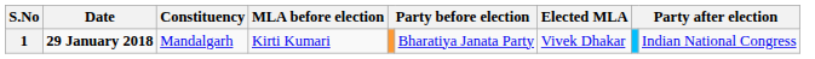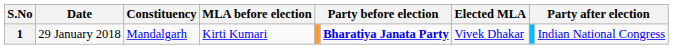 <table class="wikitable sortable">
 <tr>
 <th>S.No</th>
 <th>Date</th>
 <th>Constituency</th>
 <th>MLA before election</th>
 <th colspan="2">Party before election</th>
 <th>Elected MLA</th>
 <th colspan="2">Party after election</th>
 </tr>
 <tr>
 <th>1</th>
-<td><strong>29 January 2018</strong></td>
+<td>29 January 2018</td>
 <td><a href='#'>Mandalgarh</a></td>
 <td><a href='#'>Kirti Kumari</a></td>
 <td bgcolor=#FF9933></td>
-<td><a href='#'>Bharatiya Janata Party</a></td>
+<td><strong><a href='#'>Bharatiya Janata Party</a></strong></td>
 <td><a href='#'>Vivek Dhakar</a></td>
 <td bgcolor=#00BFFF></td>
 <td><a href='#'>Indian National Congress</a></td>
 </tr>
 </table>
